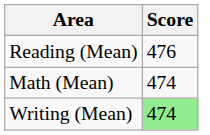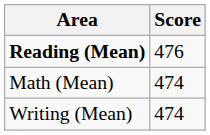 <table class="wikitable">
 <tr>
 <th>Area</th>
 <th>Score</th>
 </tr>
 <tr>
-<td>Reading (Mean)</td>
+<td><strong>Reading (Mean)</strong></td>
 <td>476</td>
 </tr>
 <tr>
 <td>Math (Mean)</td>
 <td>474</td>
 </tr>
 <tr>
 <td>Writing (Mean)</td>
-<td style="background: lightgreen;">474</td>
+<td>474</td>
 </tr>
 </table>
